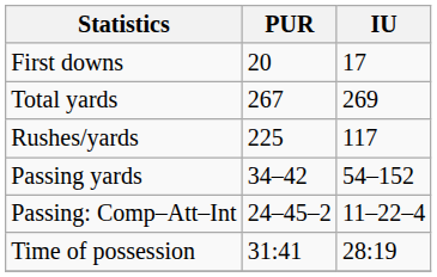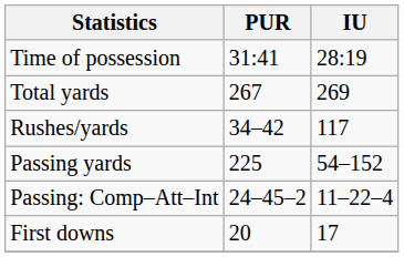 <table class="wikitable" style="float: left;">
 <tr>
 <th>Statistics</th>
 <th>PUR</th>
 <th>IU</th>
 </tr>
 <tr>
-<td>First downs</td>
-<td>20</td>
-<td>17</td>
+<td>Time of possession</td>
+<td>31:41</td>
+<td>28:19</td>
 </tr>
 <tr>
 <td>Total yards</td>
 <td>267</td>
 <td>269</td>
 </tr>
 <tr>
 <td>Rushes/yards</td>
-<td>225</td>
+<td>34–42</td>
 <td>117</td>
 </tr>
 <tr>
 <td>Passing yards</td>
-<td>34–42</td>
+<td>225</td>
 <td>54–152</td>
 </tr>
 <tr>
 <td>Passing: Comp–Att–Int</td>
 <td>24–45–2</td>
 <td>11–22–4</td>
 </tr>
 <tr>
-<td>Time of possession</td>
-<td>31:41</td>
-<td>28:19</td>
+<td>First downs</td>
+<td>20</td>
+<td>17</td>
 </tr>
 <tr>
 </tr>
 </table>
